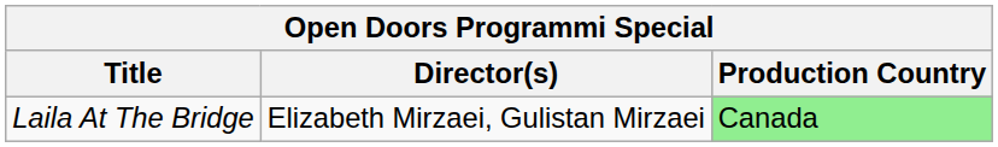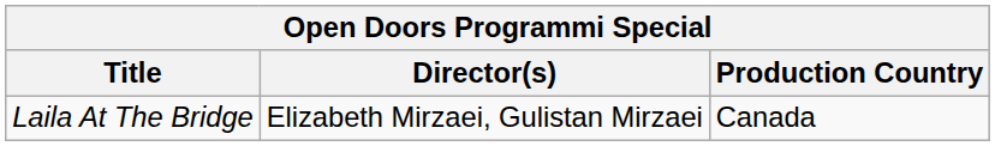 <table class="wikitable">
 <tr>
 <th colspan="3">Open Doors Programmi Special</th>
 </tr>
 <tr>
 <th>Title</th>
 <th>Director(s)</th>
 <th>Production Country</th>
 </tr>
 <tr>
 <td><em>Laila At The Bridge</em></td>
 <td>Elizabeth Mirzaei, Gulistan Mirzaei</td>
-<td style="background: lightgreen;">Canada</td>
+<td>Canada</td>
 </tr>
 </table>
